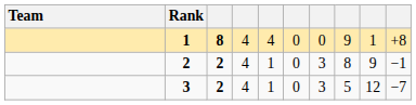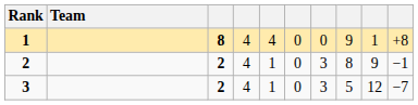 <table class="wikitable" style="text-align: center;">
 <tr>
+<th width=30>Rank</th>
 <th width=165 style="text-align:left;">Team</th>
-<th width=30>Rank</th>
 <th width=20></th>
 <th width=20></th>
 <th width=20></th>
 <th width=20></th>
 <th width=20></th>
 <th width=20></th>
 <th width=20></th>
 <th width=20></th>
 </tr>
 <tr style="background:#ffebad;">
+<td><strong>1</strong></td>
 <td style="text-align:left;"></td>
-<td><strong>1</strong></td>
 <td><strong>8</strong></td>
 <td>4</td>
 <td>4</td>
 <td>0</td>
 <td>0</td>
 <td>9</td>
 <td>1</td>
 <td>+8</td>
 </tr>
 <tr>
+<td><strong>2</strong></td>
 <td style="text-align:left;"></td>
-<td><strong>2</strong></td>
 <td><strong>2</strong></td>
 <td>4</td>
 <td>1</td>
 <td>0</td>
 <td>3</td>
 <td>8</td>
 <td>9</td>
 <td>−1</td>
 </tr>
 <tr>
+<td><strong>3</strong></td>
 <td style="text-align:left;"></td>
-<td><strong>3</strong></td>
 <td><strong>2</strong></td>
 <td>4</td>
 <td>1</td>
 <td>0</td>
 <td>3</td>
 <td>5</td>
 <td>12</td>
 <td>−7</td>
 </tr>
 </table>
